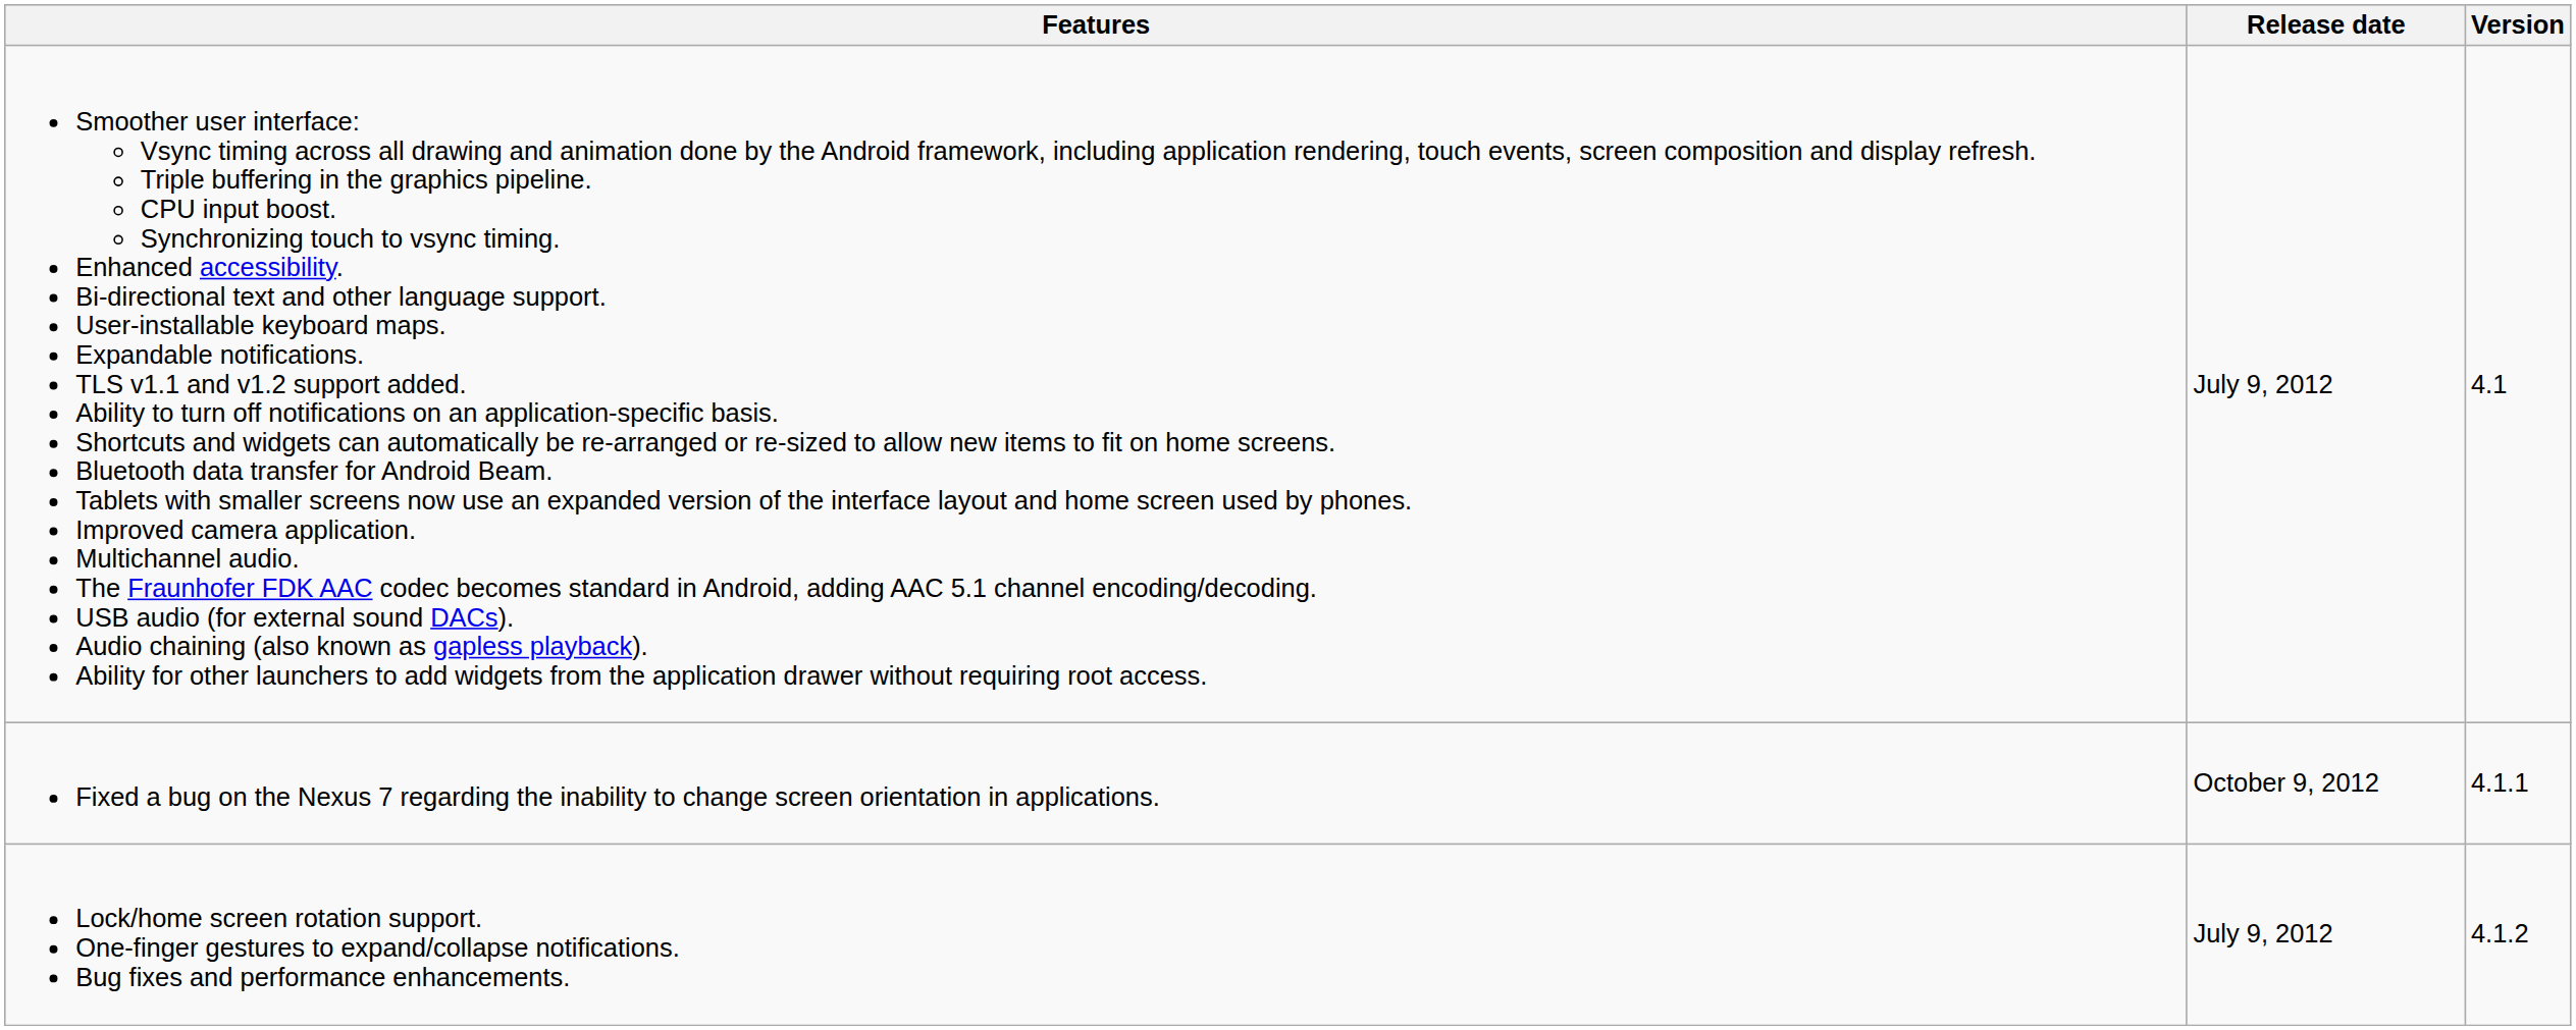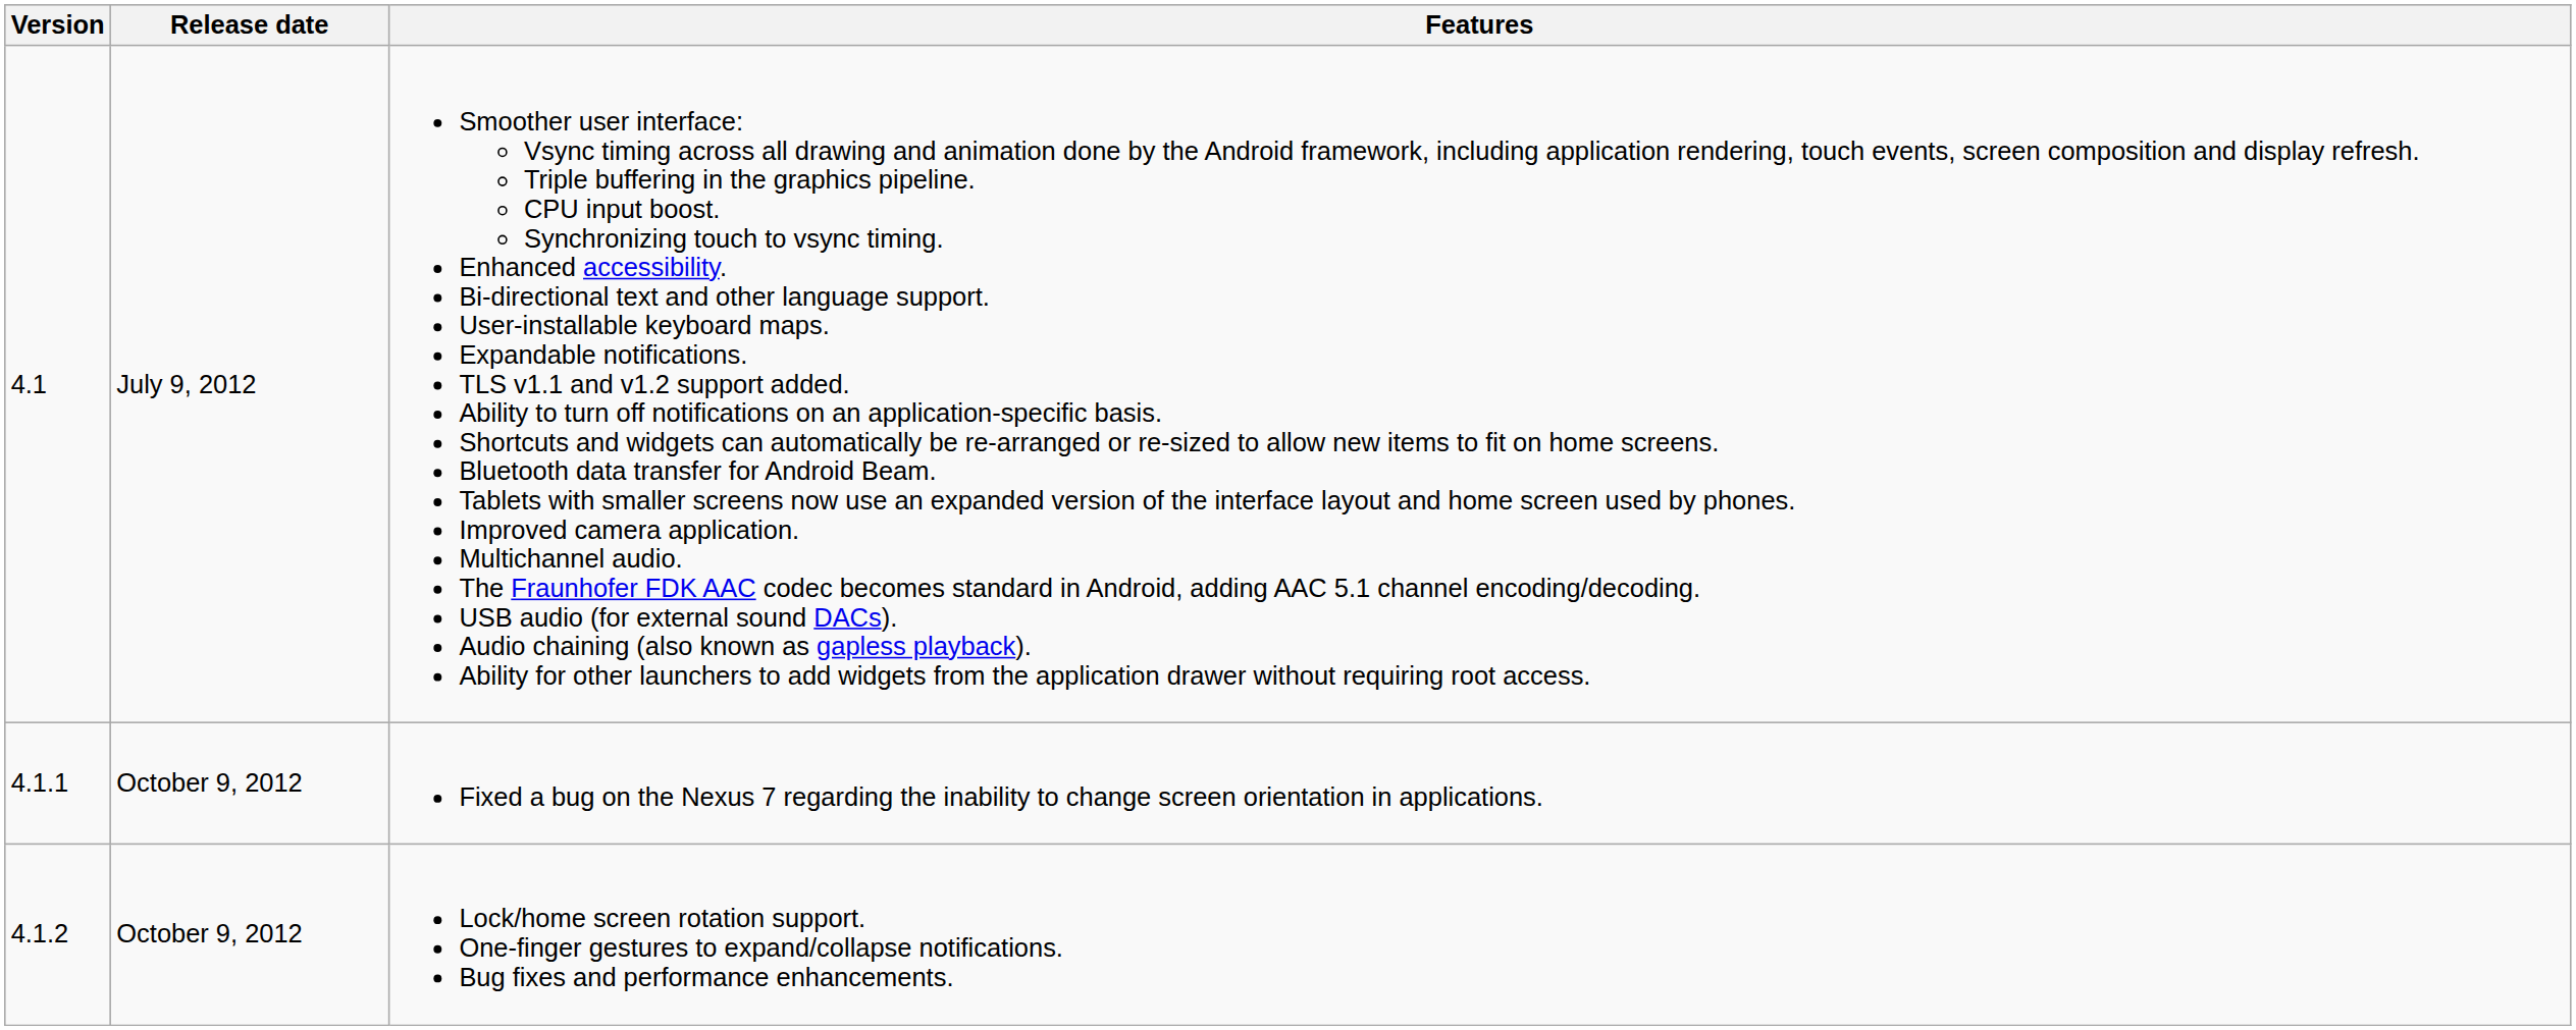 <table class="wikitable" style="width:100%;">
 <tr>
+<th style="width:2%;">Version</th>
+<th style="width:11%;">Release date</th>
 <th style="width:87%;">Features</th>
-<th style="width:11%;">Release date</th>
-<th style="width:2%;">Version</th>
 </tr>
 <tr>
+<td>4.1</td>
+<td>July 9, 2012</td>
 <td><br><ul><li>Smoother user interface:<ul><li>Vsync timing across all drawing and animation done by the Android framework, including application rendering, touch events, screen composition and display refresh.</li><li>Triple buffering in the graphics pipeline.</li><li>CPU input boost.</li><li>Synchronizing touch to vsync timing.</li></ul></li><li>Enhanced <a href='#'>accessibility</a>.</li><li>Bi-directional text and other language support.</li><li>User-installable keyboard maps.</li><li>Expandable notifications.</li><li>TLS v1.1 and v1.2 support added.</li><li>Ability to turn off notifications on an application-specific basis.</li><li>Shortcuts and widgets can automatically be re-arranged or re-sized to allow new items to fit on home screens.</li><li>Bluetooth data transfer for Android Beam.</li><li>Tablets with smaller screens now use an expanded version of the interface layout and home screen used by phones.</li><li>Improved camera application.</li><li>Multichannel audio.</li><li>The <a href='#'>Fraunhofer FDK AAC</a> codec becomes standard in Android, adding AAC 5.1 channel encoding/decoding.</li><li>USB audio (for external sound <a href='#'>DACs</a>).</li><li>Audio chaining (also known as <a href='#'>gapless playback</a>).</li><li>Ability for other launchers to add widgets from the application drawer without requiring root access.</li></ul></td>
-<td>July 9, 2012</td>
-<td>4.1</td>
 </tr>
 <tr>
+<td>4.1.1</td>
+<td>October 9, 2012</td>
 <td><br><ul><li>Fixed a bug on the Nexus 7 regarding the inability to change screen orientation in applications.</li></ul></td>
-<td>October 9, 2012</td>
-<td>4.1.1</td>
 </tr>
 <tr>
+<td>4.1.2</td>
+<td>October 9, 2012</td>
 <td><br><ul><li>Lock/home screen rotation support.</li><li>One-finger gestures to expand/collapse notifications.</li><li>Bug fixes and performance enhancements.</li></ul></td>
-<td>July 9, 2012</td>
-<td>4.1.2</td>
 </tr>
 </table>
